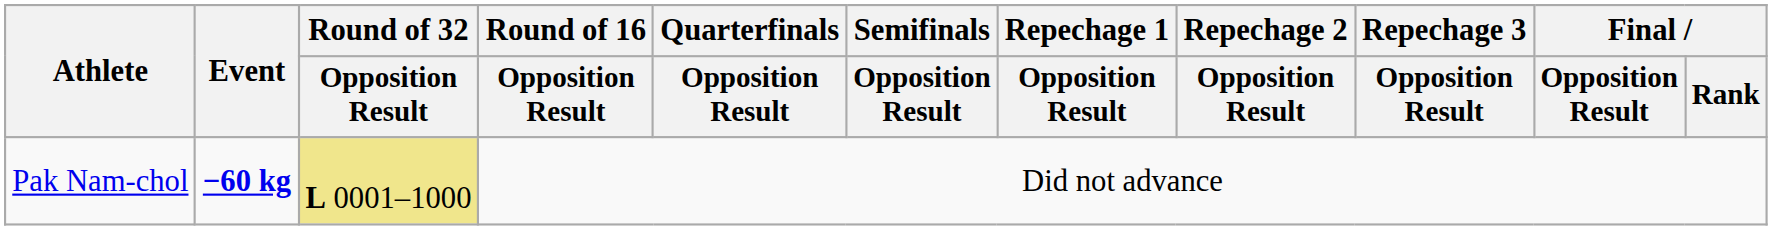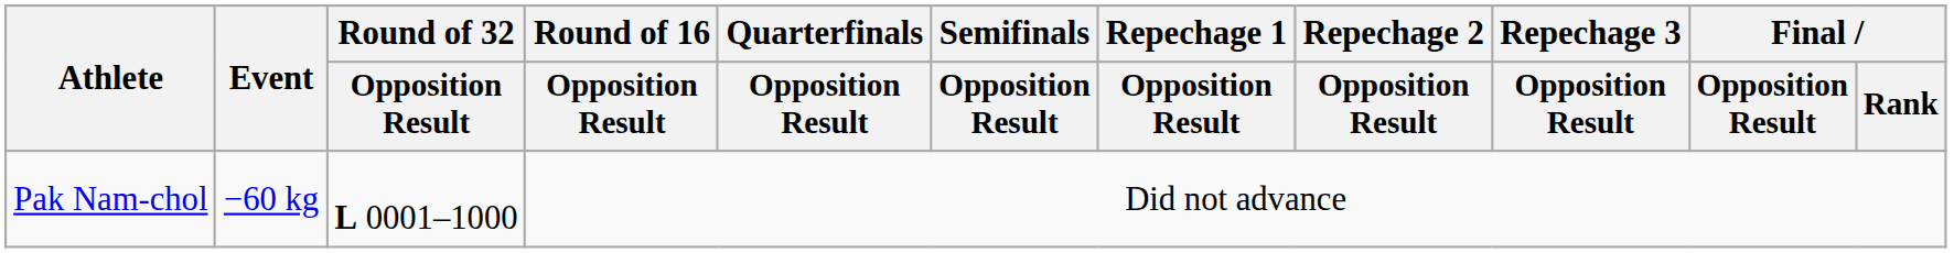 <table class="wikitable" style="font-size:90%">
 <tr>
 <th rowspan="2">Athlete</th>
 <th rowspan="2">Event</th>
 <th>Round of 32</th>
 <th>Round of 16</th>
 <th>Quarterfinals</th>
 <th>Semifinals</th>
 <th>Repechage 1</th>
 <th>Repechage 2</th>
 <th>Repechage 3</th>
 <th colspan=2>Final / </th>
 </tr>
 <tr style="font-size:95%">
 <th>Opposition<br>Result</th>
 <th>Opposition<br>Result</th>
 <th>Opposition<br>Result</th>
 <th>Opposition<br>Result</th>
 <th>Opposition<br>Result</th>
 <th>Opposition<br>Result</th>
 <th>Opposition<br>Result</th>
 <th>Opposition<br>Result</th>
 <th>Rank</th>
 </tr>
 <tr align=center>
 <td align=left><a href='#'>Pak Nam-chol</a></td>
-<td align=left><strong><a href='#'>−60 kg</a></strong></td>
-<td style="background: khaki;"><br><strong>L</strong> 0001–1000</td>
+<td align=left><a href='#'>−60 kg</a></td>
+<td><br><strong>L</strong> 0001–1000</td>
 <td colspan=8>Did not advance</td>
 </tr>
 </table>
